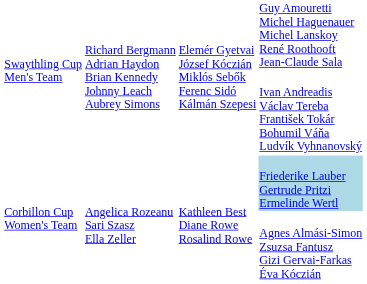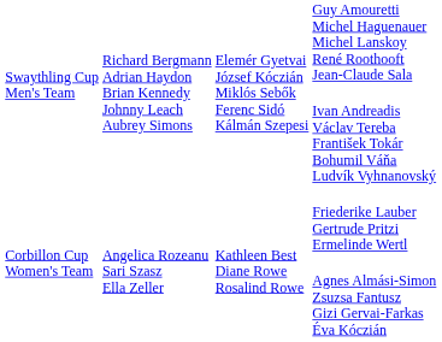 <table>
 <tr>
 <td rowspan=2><a href='#'>Swaythling Cup<br>Men's Team</a></td>
 <td rowspan=2><br><a href='#'>Richard Bergmann</a><br><a href='#'>Adrian Haydon</a><br><a href='#'>Brian Kennedy</a><br><a href='#'>Johnny Leach</a><br><a href='#'>Aubrey Simons</a></td>
 <td rowspan=2><br><a href='#'>Elemér Gyetvai</a><br><a href='#'>József Kóczián</a><br><a href='#'>Miklós Sebők</a><br><a href='#'>Ferenc Sidó</a><br><a href='#'>Kálmán Szepesi</a></td>
 <td><br><a href='#'>Guy Amouretti</a><br><a href='#'>Michel Haguenauer</a><br><a href='#'>Michel Lanskoy</a><br><a href='#'>René Roothooft</a><br><a href='#'>Jean-Claude Sala</a></td>
 </tr>
 <tr>
 <td><br><a href='#'>Ivan Andreadis</a><br><a href='#'>Václav Tereba</a><br><a href='#'>František Tokár</a><br><a href='#'>Bohumil Váňa</a><br><a href='#'>Ludvík Vyhnanovský</a></td>
 </tr>
 <tr>
 <td rowspan=2><a href='#'>Corbillon Cup<br>Women's Team</a></td>
 <td rowspan=2><br><a href='#'>Angelica Rozeanu</a><br><a href='#'>Sari Szasz</a><br><a href='#'>Ella Zeller</a></td>
 <td rowspan=2><br><a href='#'>Kathleen Best</a><br><a href='#'>Diane Rowe</a><br><a href='#'>Rosalind Rowe</a></td>
-<td style="background: lightblue;"><br><a href='#'>Friederike Lauber</a><br><a href='#'>Gertrude Pritzi</a><br><a href='#'>Ermelinde Wertl</a></td>
+<td><br><a href='#'>Friederike Lauber</a><br><a href='#'>Gertrude Pritzi</a><br><a href='#'>Ermelinde Wertl</a></td>
 </tr>
 <tr>
 <td><br><a href='#'>Agnes Almási-Simon</a><br><a href='#'>Zsuzsa Fantusz</a><br><a href='#'>Gizi Gervai-Farkas</a><br><a href='#'>Éva Kóczián</a></td>
 </tr>
 </table>
